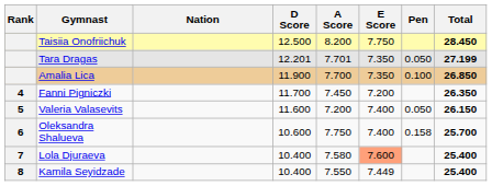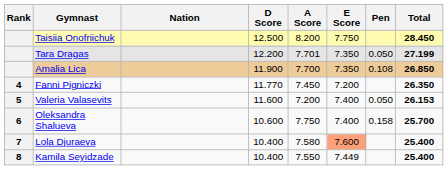 <table class="wikitable sortable" style="text-align:center; font-size:85%">
 <tr>
 <th scope="col" style="width:20px;">Rank</th>
 <th>Gymnast</th>
 <th scope="col" style="width:170px;">Nation</th>
 <th>D Score</th>
 <th>A Score</th>
 <th>E Score</th>
 <th>Pen</th>
 <th scope="col" style="width:60px;">Total</th>
 </tr>
 <tr bgcolor="fffcaf">
 <th scope="row"></th>
 <td align=left><a href='#'>Taisiia Onofriichuk</a></td>
 <td align="left"></td>
 <td>12.500</td>
 <td>8.200</td>
 <td>7.750</td>
 <td></td>
 <td><strong>28.450</strong></td>
 </tr>
 <tr bgcolor="e5e5e5">
 <th scope="row"></th>
 <td align=left><a href='#'>Tara Dragas</a></td>
 <td align="left"></td>
-<td>12.201</td>
+<td>12.200</td>
 <td>7.701</td>
 <td>7.350</td>
 <td>0.050</td>
 <td><strong>27.199</strong></td>
 </tr>
 <tr bgcolor="eecc99">
 <th scope="row"></th>
 <td align=left><a href='#'>Amalia Lica</a></td>
 <td align="left"></td>
 <td>11.900</td>
 <td>7.700</td>
 <td>7.350</td>
-<td>0.100</td>
+<td>0.108</td>
 <td><strong>26.850</strong></td>
 </tr>
 <tr>
 <th scope=row>4</th>
 <td align=left><a href='#'>Fanni Pigniczki</a></td>
 <td style="text-align:left;"></td>
-<td>11.700</td>
+<td>11.770</td>
 <td>7.450</td>
 <td>7.200</td>
 <td></td>
 <td><strong>26.350</strong></td>
 </tr>
 <tr>
 <th scope=row>5</th>
 <td align=left><a href='#'>Valeria Valasevits</a></td>
 <td style="text-align:left;"></td>
 <td>11.600</td>
 <td>7.200</td>
 <td>7.400</td>
 <td>0.050</td>
-<td><strong>26.150</strong></td>
+<td><strong>26.153</strong></td>
 </tr>
 <tr>
 <th scope=row>6</th>
 <td align=left><a href='#'>Oleksandra Shalueva</a></td>
 <td style="text-align:left;"></td>
 <td>10.600</td>
 <td>7.750</td>
 <td>7.400</td>
 <td>0.158</td>
 <td><strong>25.700</strong></td>
 </tr>
 <tr>
 <th scope=row>7</th>
 <td align=left><a href='#'>Lola Djuraeva</a></td>
 <td style="text-align:left;"></td>
 <td>10.400</td>
 <td>7.580</td>
 <td style="background: lightsalmon;">7.600</td>
 <td></td>
 <td><strong>25.400</strong></td>
 </tr>
 <tr>
 <th scope=row>8</th>
 <td align=left><a href='#'>Kamila Seyidzade</a></td>
 <td style="text-align:left;"></td>
 <td>10.400</td>
 <td>7.550</td>
 <td>7.449</td>
 <td></td>
 <td><strong>25.400</strong></td>
 </tr>
 </table>
